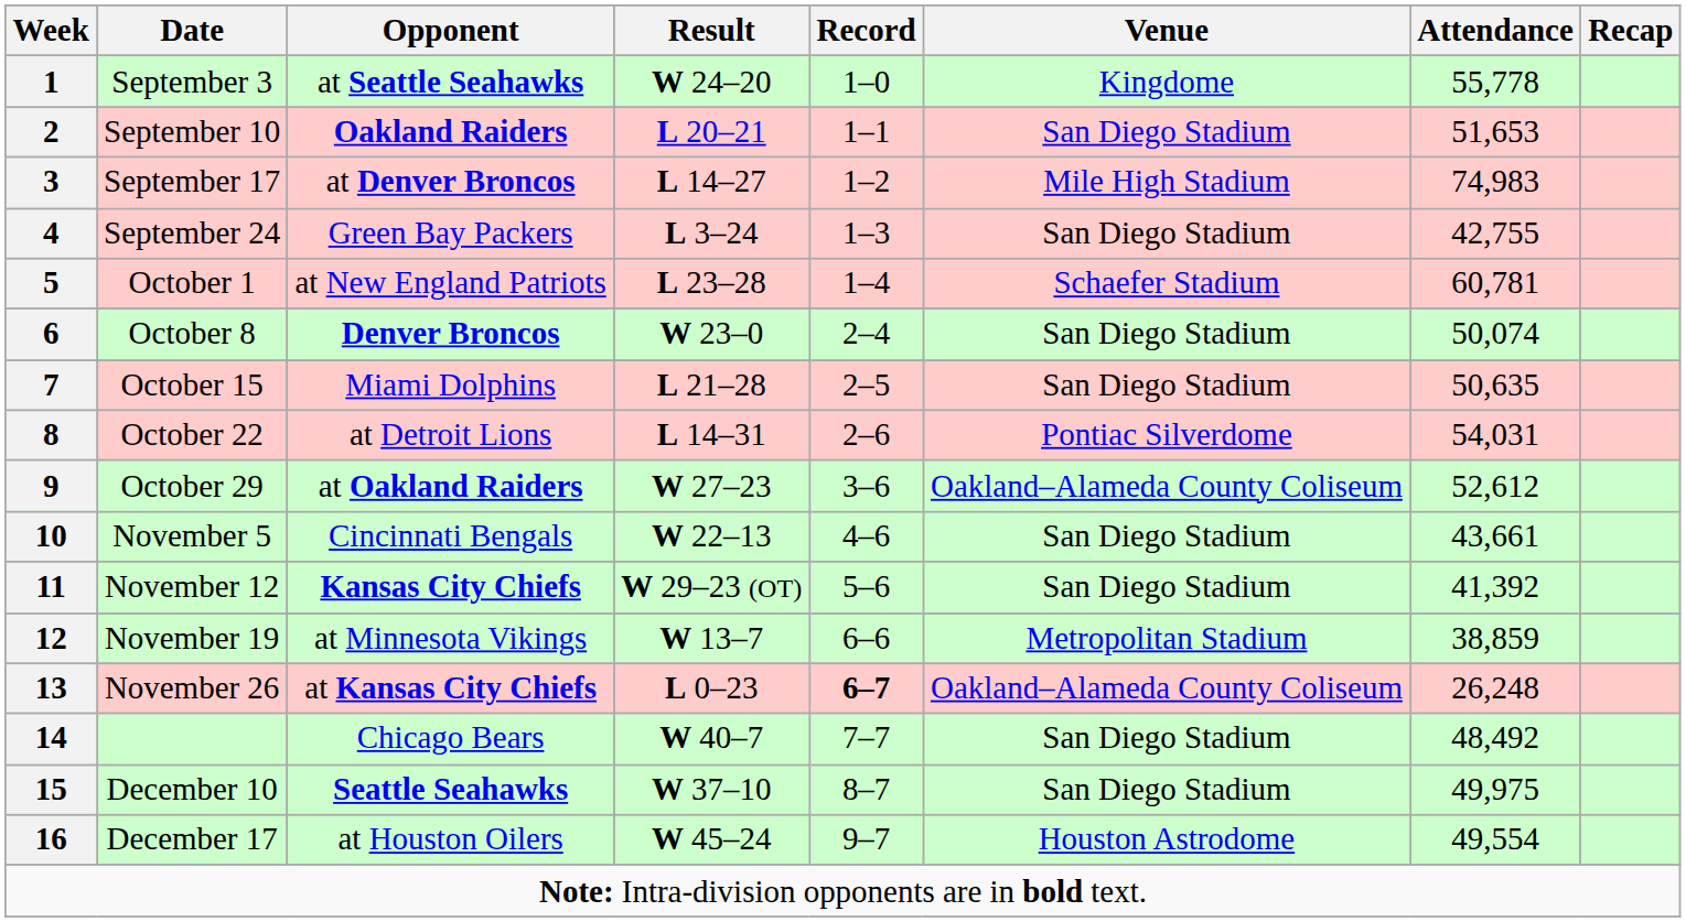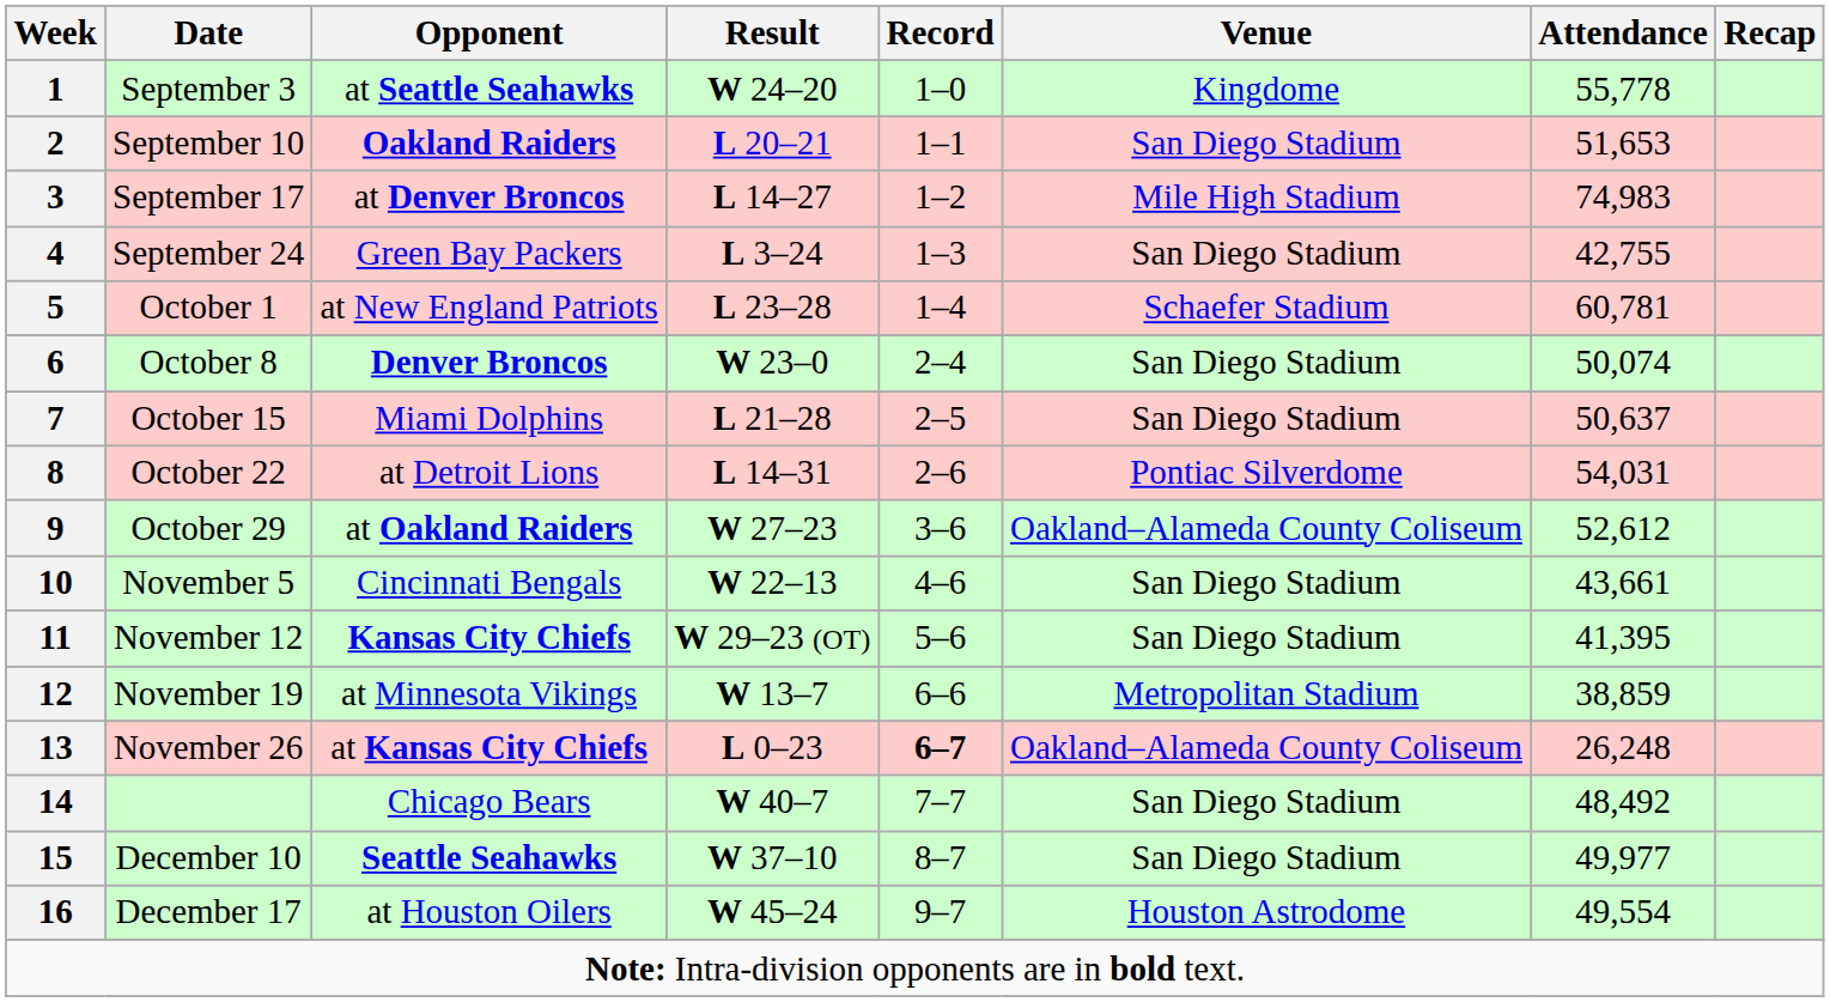 <table class="wikitable" style="text-align:center">
 <tr>
 <th>Week</th>
 <th>Date</th>
 <th>Opponent</th>
 <th>Result</th>
 <th>Record</th>
 <th>Venue</th>
 <th>Attendance</th>
 <th>Recap</th>
 </tr>
 <tr style="background:#cfc">
 <th>1</th>
 <td>September 3</td>
 <td>at <strong><a href='#'>Seattle Seahawks</a></strong></td>
 <td><strong>W</strong> 24–20</td>
 <td>1–0</td>
 <td><a href='#'>Kingdome</a></td>
 <td>55,778</td>
 <td></td>
 </tr>
 <tr style="background:#fcc">
 <th>2</th>
 <td>September 10</td>
 <td><strong><a href='#'>Oakland Raiders</a></strong></td>
 <td><a href='#'><strong>L</strong> 20–21</a></td>
 <td>1–1</td>
 <td><a href='#'>San Diego Stadium</a></td>
 <td>51,653</td>
 <td></td>
 </tr>
 <tr style="background:#fcc">
 <th>3</th>
 <td>September 17</td>
 <td>at <strong><a href='#'>Denver Broncos</a></strong></td>
 <td><strong>L</strong> 14–27</td>
 <td>1–2</td>
 <td><a href='#'>Mile High Stadium</a></td>
 <td>74,983</td>
 <td></td>
 </tr>
 <tr style="background:#fcc">
 <th>4</th>
 <td>September 24</td>
 <td><a href='#'>Green Bay Packers</a></td>
 <td><strong>L</strong> 3–24</td>
 <td>1–3</td>
 <td>San Diego Stadium</td>
 <td>42,755</td>
 <td></td>
 </tr>
 <tr style="background:#fcc">
 <th>5</th>
 <td>October 1</td>
 <td>at <a href='#'>New England Patriots</a></td>
 <td><strong>L</strong> 23–28</td>
 <td>1–4</td>
 <td><a href='#'>Schaefer Stadium</a></td>
 <td>60,781</td>
 <td></td>
 </tr>
 <tr style="background:#cfc">
 <th>6</th>
 <td>October 8</td>
 <td><strong><a href='#'>Denver Broncos</a></strong></td>
 <td><strong>W</strong> 23–0</td>
 <td>2–4</td>
 <td>San Diego Stadium</td>
 <td>50,074</td>
 <td></td>
 </tr>
 <tr style="background:#fcc">
 <th>7</th>
 <td>October 15</td>
 <td><a href='#'>Miami Dolphins</a></td>
 <td><strong>L</strong> 21–28</td>
 <td>2–5</td>
 <td>San Diego Stadium</td>
-<td>50,635</td>
+<td>50,637</td>
 <td></td>
 </tr>
 <tr style="background:#fcc">
 <th>8</th>
 <td>October 22</td>
 <td>at <a href='#'>Detroit Lions</a></td>
 <td><strong>L</strong> 14–31</td>
 <td>2–6</td>
 <td><a href='#'>Pontiac Silverdome</a></td>
 <td>54,031</td>
 <td></td>
 </tr>
 <tr style="background:#cfc">
 <th>9</th>
 <td>October 29</td>
 <td>at <strong><a href='#'>Oakland Raiders</a></strong></td>
 <td><strong>W</strong> 27–23</td>
 <td>3–6</td>
 <td><a href='#'>Oakland–Alameda County Coliseum</a></td>
 <td>52,612</td>
 <td></td>
 </tr>
 <tr style="background:#cfc">
 <th>10</th>
 <td>November 5</td>
 <td><a href='#'>Cincinnati Bengals</a></td>
 <td><strong>W</strong> 22–13</td>
 <td>4–6</td>
 <td>San Diego Stadium</td>
 <td>43,661</td>
 <td></td>
 </tr>
 <tr style="background:#cfc">
 <th>11</th>
 <td>November 12</td>
 <td><strong><a href='#'>Kansas City Chiefs</a></strong></td>
 <td><strong>W</strong> 29–23 <small>(OT)</small></td>
 <td>5–6</td>
 <td>San Diego Stadium</td>
-<td>41,392</td>
+<td>41,395</td>
 <td></td>
 </tr>
 <tr style="background:#cfc">
 <th>12</th>
 <td>November 19</td>
 <td>at <a href='#'>Minnesota Vikings</a></td>
 <td><strong>W</strong> 13–7</td>
 <td>6–6</td>
 <td><a href='#'>Metropolitan Stadium</a></td>
 <td>38,859</td>
 <td></td>
 </tr>
 <tr style="background:#fcc">
 <th>13</th>
 <td>November 26</td>
 <td>at <strong><a href='#'>Kansas City Chiefs</a></strong></td>
 <td><strong>L</strong> 0–23</td>
 <td><strong>6–7</strong></td>
 <td><a href='#'>Oakland–Alameda County Coliseum</a></td>
 <td>26,248</td>
 <td></td>
 </tr>
 <tr style="background:#cfc">
 <th>14</th>
 <td></td>
 <td><a href='#'>Chicago Bears</a></td>
 <td><strong>W</strong> 40–7</td>
 <td>7–7</td>
 <td>San Diego Stadium</td>
 <td>48,492</td>
 <td></td>
 </tr>
 <tr style="background:#cfc">
 <th>15</th>
 <td>December 10</td>
 <td><strong><a href='#'>Seattle Seahawks</a></strong></td>
 <td><strong>W</strong> 37–10</td>
 <td>8–7</td>
 <td>San Diego Stadium</td>
-<td>49,975</td>
+<td>49,977</td>
 <td></td>
 </tr>
 <tr style="background:#cfc">
 <th>16</th>
 <td>December 17</td>
 <td>at <a href='#'>Houston Oilers</a></td>
 <td><strong>W</strong> 45–24</td>
 <td>9–7</td>
 <td><a href='#'>Houston Astrodome</a></td>
 <td>49,554</td>
 <td></td>
 </tr>
 <tr>
 <td colspan="8"><strong>Note:</strong> Intra-division opponents are in <strong>bold</strong> text.</td>
 </tr>
 </table>
